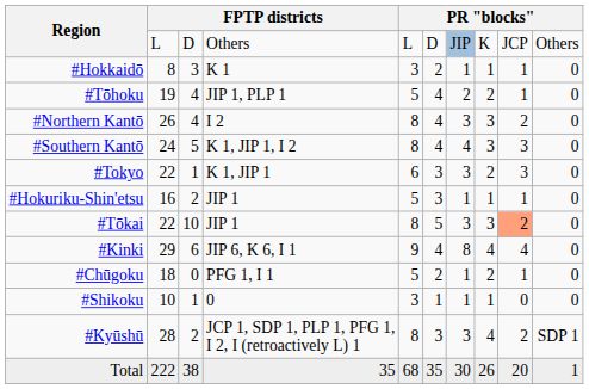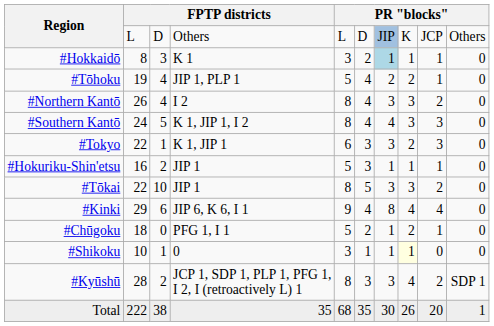 <table class="wikitable">
 <tr>
 <th rowspan="2">Region</th>
 <th colspan="3">FPTP districts</th>
 <th colspan="6">PR "blocks"</th>
 </tr>
 <tr>
 <td>L</td>
 <td>D</td>
 <td>Others</td>
 <td>L</td>
 <td>D</td>
 <td bgcolor="#A0C0E0">JIP</td>
 <td>K</td>
 <td>JCP</td>
 <td>Others</td>
 </tr>
 <tr align="right">
 <td><a href='#'>#Hokkaidō</a></td>
 <td>8</td>
 <td>3</td>
 <td align="left">K 1</td>
 <td>3</td>
 <td>2</td>
-<td>1</td>
+<td style="background: lightblue;">1</td>
 <td>1</td>
 <td>1</td>
 <td>0</td>
 </tr>
 <tr align="right">
 <td><a href='#'>#Tōhoku</a></td>
 <td>19</td>
 <td>4</td>
 <td align="left">JIP 1, PLP 1</td>
 <td>5</td>
 <td>4</td>
 <td>2</td>
 <td>2</td>
 <td>1</td>
 <td>0</td>
 </tr>
 <tr align="right">
 <td><a href='#'>#Northern Kantō</a></td>
 <td>26</td>
 <td>4</td>
 <td align="left">I 2</td>
 <td>8</td>
 <td>4</td>
 <td>3</td>
 <td>3</td>
 <td>2</td>
 <td>0</td>
 </tr>
 <tr align="right">
 <td><a href='#'>#Southern Kantō</a></td>
 <td>24</td>
 <td>5</td>
 <td align="left">K 1, JIP 1, I 2</td>
 <td>8</td>
 <td>4</td>
 <td>4</td>
 <td>3</td>
 <td>3</td>
 <td>0</td>
 </tr>
 <tr align="right">
 <td><a href='#'>#Tokyo</a></td>
 <td>22</td>
 <td>1</td>
 <td align="left">K 1, JIP 1</td>
 <td>6</td>
 <td>3</td>
 <td>3</td>
 <td>2</td>
 <td>3</td>
 <td>0</td>
 </tr>
 <tr align="right">
 <td><a href='#'>#Hokuriku-Shin'etsu</a></td>
 <td>16</td>
 <td>2</td>
 <td align="left">JIP 1</td>
 <td>5</td>
 <td>3</td>
 <td>1</td>
 <td>1</td>
 <td>1</td>
 <td>0</td>
 </tr>
 <tr align="right">
 <td><a href='#'>#Tōkai</a></td>
 <td>22</td>
 <td>10</td>
 <td align="left">JIP 1</td>
 <td>8</td>
 <td>5</td>
 <td>3</td>
 <td>3</td>
-<td style="background: lightsalmon;">2</td>
+<td>2</td>
 <td>0</td>
 </tr>
 <tr align="right">
 <td><a href='#'>#Kinki</a></td>
 <td>29</td>
 <td>6</td>
 <td align="left">JIP 6, K 6, I 1</td>
 <td>9</td>
 <td>4</td>
 <td>8</td>
 <td>4</td>
 <td>4</td>
 <td>0</td>
 </tr>
 <tr align="right">
 <td><a href='#'>#Chūgoku</a></td>
 <td>18</td>
 <td>0</td>
 <td align="left">PFG 1, I 1</td>
 <td>5</td>
 <td>2</td>
 <td>1</td>
 <td>2</td>
 <td>1</td>
 <td>0</td>
 </tr>
 <tr align="right">
 <td><a href='#'>#Shikoku</a></td>
 <td>10</td>
 <td>1</td>
 <td align="left">0</td>
 <td>3</td>
 <td>1</td>
 <td>1</td>
-<td>1</td>
+<td style="background: lightyellow;">1</td>
 <td>0</td>
 <td>0</td>
 </tr>
 <tr align="right">
 <td><a href='#'>#Kyūshū</a></td>
 <td>28</td>
 <td>2</td>
 <td align="left">JCP 1, SDP 1, PLP 1, PFG 1,<br>I 2, I (retroactively L) 1</td>
 <td>8</td>
 <td>3</td>
 <td>3</td>
 <td>4</td>
 <td>2</td>
 <td>SDP 1</td>
 </tr>
 <tr align="right" style="background:#EEEEEE">
 <td>Total</td>
 <td>222</td>
 <td>38</td>
 <td>35</td>
 <td>68</td>
 <td>35</td>
 <td>30</td>
 <td>26</td>
 <td>20</td>
 <td>1</td>
 </tr>
 </table>
